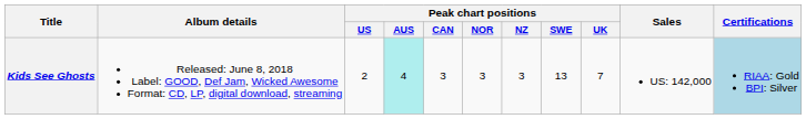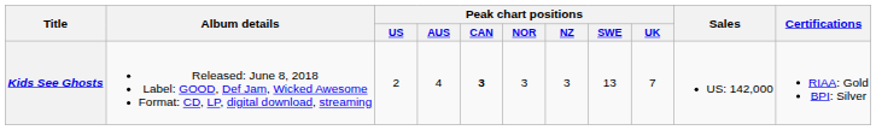 <table class="wikitable plainrowheaders" style="text-align:center">
 <tr>
 <th scope="col" rowspan="2">Title</th>
 <th scope="col" rowspan="2">Album details</th>
 <th scope="col" colspan="7">Peak chart positions</th>
 <th scope="col" rowspan="2">Sales</th>
 <th scope="col" rowspan="2"><a href='#'>Certifications</a></th>
 </tr>
 <tr>
 <th scope="col" style="width:3.5em;font-size:90%;"><a href='#'>US</a><br></th>
 <th scope="col" style="width:3.5em;font-size:90%;"><a href='#'>AUS</a><br></th>
 <th scope="col" style="width:3.5em;font-size:90%;"><a href='#'>CAN</a><br></th>
 <th scope="col" style="width:3.5em;font-size:90%;"><a href='#'>NOR</a><br></th>
 <th scope="col" style="width:3.5em;font-size:90%;"><a href='#'>NZ</a><br></th>
 <th scope="col" style="width:3.5em;font-size:90%;"><a href='#'>SWE</a><br></th>
 <th scope="col" style="width:3.5em;font-size:90%;"><a href='#'>UK</a><br></th>
 </tr>
 <tr>
 <th scope="row"><em><a href='#'>Kids See Ghosts</a></em></th>
 <td><br><ul><li>Released: June 8, 2018</li><li>Label: <a href='#'>GOOD</a>, <a href='#'>Def Jam</a>, <a href='#'>Wicked Awesome</a></li><li>Format: <a href='#'>CD</a>, <a href='#'>LP</a>, <a href='#'>digital download</a>, <a href='#'>streaming</a></li></ul></td>
 <td>2</td>
-<td style="background: paleturquoise;">4</td>
-<td>3</td>
+<td>4</td>
+<td><strong>3</strong></td>
 <td>3</td>
 <td>3</td>
 <td>13</td>
 <td>7</td>
 <td><br><ul><li>US: 142,000</li></ul></td>
-<td style="background: lightblue;"><br><ul><li><a href='#'>RIAA</a>: Gold</li><li><a href='#'>BPI</a>: Silver</li></ul></td>
+<td><br><ul><li><a href='#'>RIAA</a>: Gold</li><li><a href='#'>BPI</a>: Silver</li></ul></td>
 </tr>
 </table>
